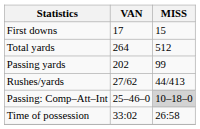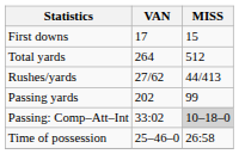 <table class="wikitable" style="float: left;">
 <tr>
 <th>Statistics</th>
 <th>VAN</th>
 <th>MISS</th>
 </tr>
 <tr>
 <td>First downs</td>
 <td>17</td>
 <td>15</td>
 </tr>
 <tr>
 <td>Total yards</td>
 <td>264</td>
 <td>512</td>
 </tr>
 <tr>
+<td>Rushes/yards</td>
+<td>27/62</td>
+<td>44/413</td>
+</tr>
+<tr>
 <td>Passing yards</td>
 <td>202</td>
 <td>99</td>
 </tr>
 <tr>
-<td>Rushes/yards</td>
-<td>27/62</td>
-<td>44/413</td>
-</tr>
-<tr>
 <td>Passing: Comp–Att–Int</td>
-<td>25–46–0</td>
+<td>33:02</td>
 <td style="background: lightgrey;">10–18–0</td>
 </tr>
 <tr>
 <td>Time of possession</td>
-<td>33:02</td>
+<td>25–46–0</td>
 <td>26:58</td>
 </tr>
 <tr>
 </tr>
 </table>
